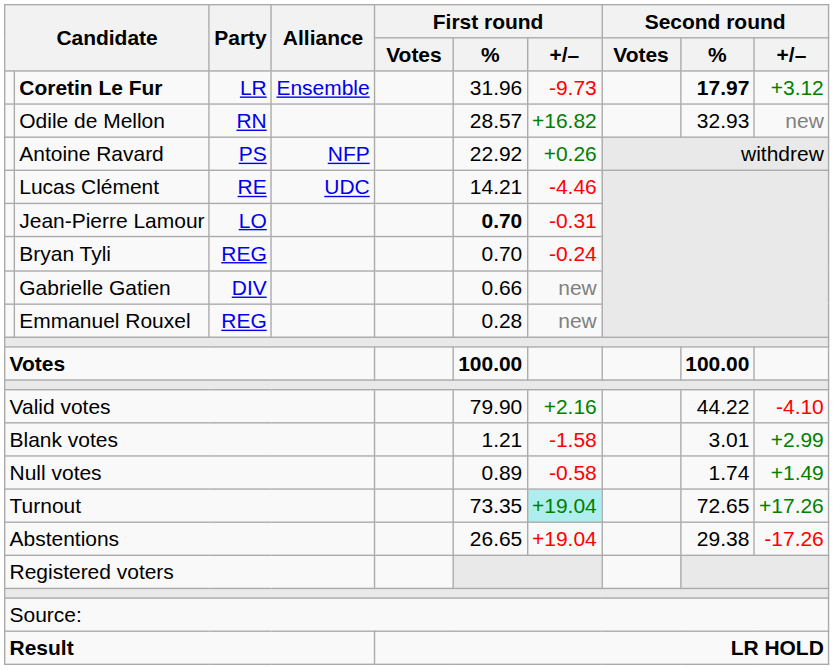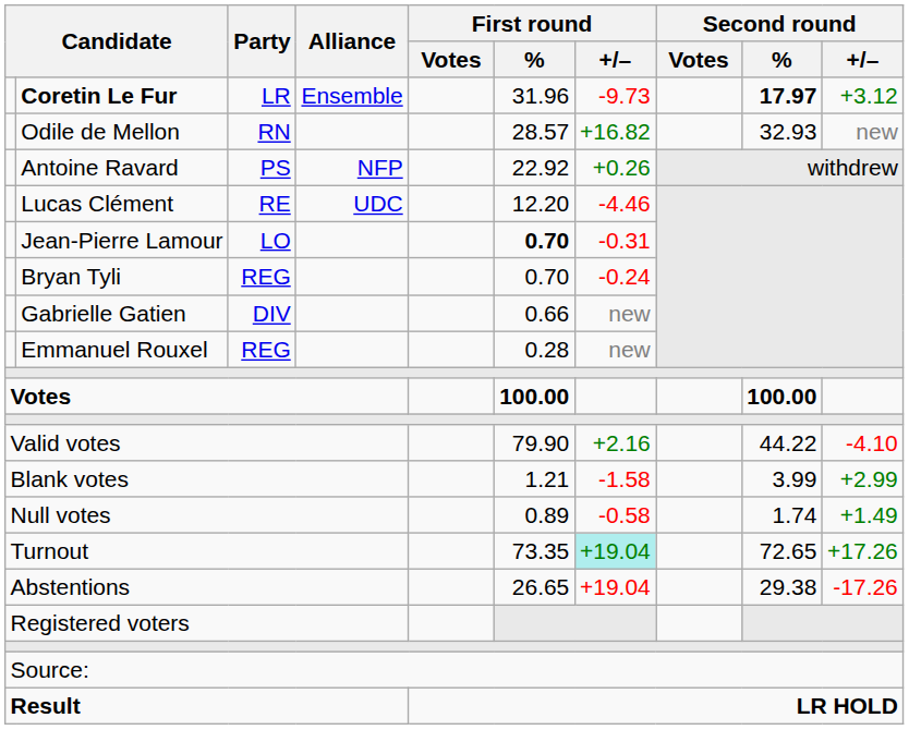 <table class="wikitable" style="text-align:right;font-size:95%;">
 <tr>
 <th rowspan="2" colspan="2">Candidate</th>
 <th colspan="1" rowspan="2">Party</th>
 <th colspan="1" rowspan="2">Alliance</th>
 <th colspan="3">First round</th>
 <th colspan="3">Second round</th>
 </tr>
 <tr>
 <th style="width:50px;">Votes</th>
 <th style="width:45px;">%</th>
 <th style="width:45px;">+/–</th>
 <th style="width:50px;">Votes</th>
 <th style="width:45px;">%</th>
 <th style="width:45px;">+/–</th>
 </tr>
 <tr>
 <td style="color:inherit;background:"></td>
 <td style="text-align:left;"><strong>Coretin Le Fur</strong></td>
 <td><a href='#'>LR</a></td>
 <td><a href='#'>Ensemble</a></td>
 <td></td>
 <td>31.96</td>
 <td style="color:red;">-9.73</td>
 <td><strong> </strong></td>
 <td><strong>17.97</strong></td>
 <td style="color:green;">+3.12</td>
 </tr>
 <tr>
 <td style="color:inherit;background:"></td>
 <td style="text-align:left;">Odile de Mellon</td>
 <td><a href='#'>RN</a></td>
 <td></td>
 <td></td>
 <td>28.57</td>
 <td style="color:green;">+16.82</td>
 <td></td>
 <td>32.93</td>
 <td style="color:grey;">new</td>
 </tr>
 <tr>
 <td style="color:inherit;background:"></td>
 <td style="text-align:left;">Antoine Ravard</td>
 <td><a href='#'>PS</a></td>
 <td><a href='#'>NFP</a></td>
 <td></td>
 <td>22.92</td>
 <td style="color:green;">+0.26</td>
 <td colspan="3" style="background:#E9E9E9;">withdrew</td>
 </tr>
 <tr>
 <td style="color:inherit;background:"></td>
 <td style="text-align:left;">Lucas Clément</td>
 <td><a href='#'>RE</a></td>
 <td><a href='#'>UDC</a></td>
 <td></td>
-<td>14.21</td>
+<td>12.20</td>
 <td style="color:red;">-4.46</td>
 <td colspan="3" rowspan="5" style="background:#E9E9E9;"></td>
 </tr>
 <tr>
 <td style="color:inherit;background:"></td>
 <td style="text-align:left;">Jean-Pierre Lamour</td>
 <td><a href='#'>LO</a></td>
 <td></td>
 <td></td>
 <td><strong>0.70</strong></td>
 <td style="color:red;">-0.31</td>
 </tr>
 <tr>
 <td style="color:inherit;background:"></td>
 <td style="text-align:left;">Bryan Tyli</td>
 <td><a href='#'>REG</a></td>
 <td></td>
 <td></td>
 <td>0.70</td>
 <td style="color:red;">-0.24</td>
 </tr>
 <tr>
 <td style="color:inherit;background:"></td>
 <td style="text-align:left;">Gabrielle Gatien</td>
 <td><a href='#'>DIV</a></td>
 <td></td>
 <td></td>
 <td>0.66</td>
 <td style="color:grey;">new</td>
 </tr>
 <tr>
 <td style="color:inherit;background:"></td>
 <td style="text-align:left;">Emmanuel Rouxel</td>
 <td><a href='#'>REG</a></td>
 <td></td>
 <td></td>
 <td>0.28</td>
 <td style="color:grey;">new</td>
 </tr>
 <tr>
 <td colspan="10" style="background:#E9E9E9;"></td>
 </tr>
 <tr style="font-weight:bold;">
 <td colspan="4" style="text-align:left;">Votes</td>
 <td></td>
 <td>100.00</td>
 <td></td>
 <td></td>
 <td>100.00</td>
 <td></td>
 </tr>
 <tr>
 <td colspan="10" style="background:#E9E9E9;"></td>
 </tr>
 <tr>
 <td colspan="4" style="text-align:left;">Valid votes</td>
 <td></td>
 <td>79.90</td>
 <td style="color:green;">+2.16</td>
 <td></td>
 <td>44.22</td>
 <td style="color:red;">-4.10</td>
 </tr>
 <tr>
 <td colspan="4" style="text-align:left;">Blank votes</td>
 <td></td>
 <td>1.21</td>
 <td style="color:red;">-1.58</td>
 <td></td>
-<td>3.01</td>
+<td>3.99</td>
 <td style="color:green;">+2.99</td>
 </tr>
 <tr>
 <td colspan="4" style="text-align:left;">Null votes</td>
 <td></td>
 <td>0.89</td>
 <td style="color:red;">-0.58</td>
 <td></td>
 <td>1.74</td>
 <td style="color:green;">+1.49</td>
 </tr>
 <tr>
 <td colspan="4" style="text-align:left;">Turnout</td>
 <td></td>
 <td>73.35</td>
 <td style="background: paleturquoise; color:green;">+19.04</td>
 <td></td>
 <td>72.65</td>
 <td style="color:green;">+17.26</td>
 </tr>
 <tr>
 <td colspan="4" style="text-align:left;">Abstentions</td>
 <td></td>
 <td>26.65</td>
 <td style="color:red;">+19.04</td>
 <td></td>
 <td>29.38</td>
 <td style="color:red;">-17.26</td>
 </tr>
 <tr>
 <td colspan="4" style="text-align:left;">Registered voters</td>
 <td></td>
 <td colspan="2" style="background:#E9E9E9;"></td>
 <td></td>
 <td colspan="2" style="background:#E9E9E9;"></td>
 </tr>
 <tr>
 <td colspan="10" style="background:#E9E9E9;"></td>
 </tr>
 <tr>
 <td colspan="10" style="text-align:left;">Source: </td>
 </tr>
 <tr style="font-weight:bold">
 <td colspan="4" style="text-align:left;">Result</td>
 <td colspan="6" style="background-color:">LR HOLD</td>
 </tr>
 </table>
